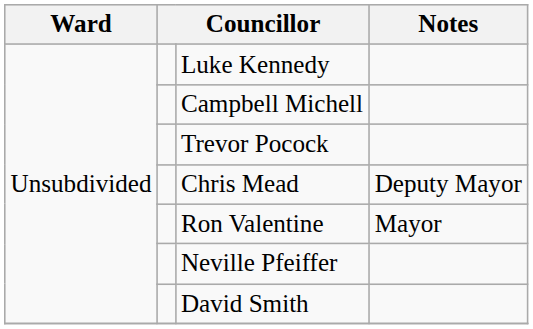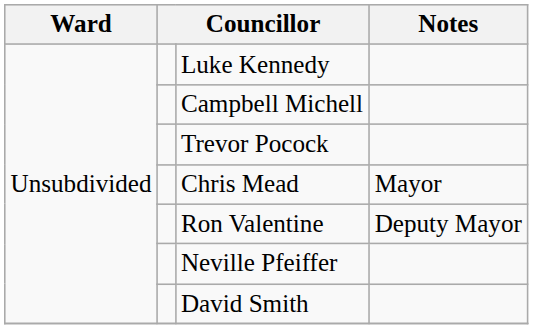 <table class="wikitable">
 <tr>
 <th>Ward</th>
 <th colspan="2">Councillor</th>
 <th>Notes</th>
 </tr>
 <tr>
 <td rowspan="7">Unsubdivided </td>
 <td> </td>
 <td>Luke Kennedy</td>
 <td></td>
 </tr>
 <tr>
 <td> </td>
 <td>Campbell Michell</td>
 <td></td>
 </tr>
 <tr>
 <td> </td>
 <td>Trevor Pocock</td>
 <td></td>
 </tr>
 <tr>
 <td> </td>
 <td>Chris Mead</td>
-<td>Deputy Mayor</td>
+<td>Mayor</td>
 </tr>
 <tr>
 <td> </td>
 <td>Ron Valentine</td>
-<td>Mayor</td>
+<td>Deputy Mayor</td>
 </tr>
 <tr>
 <td> </td>
 <td>Neville Pfeiffer</td>
 <td></td>
 </tr>
 <tr>
 <td> </td>
 <td>David Smith</td>
 <td></td>
 </tr>
 <tr>
 </tr>
 </table>
